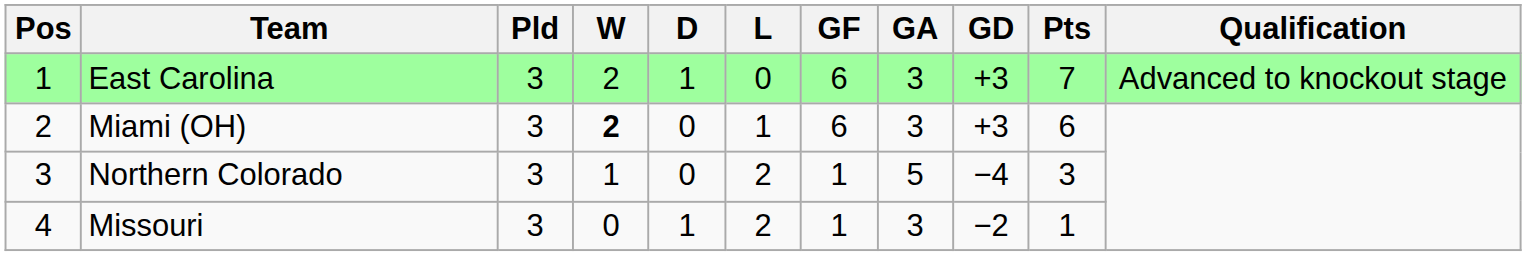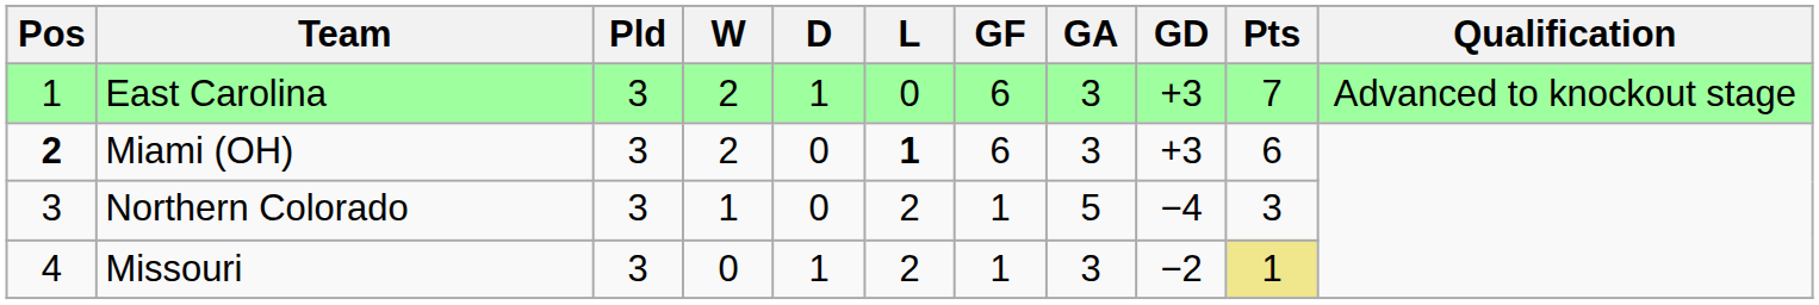 <table class="wikitable" style="text-align:center; margin: 1em auto">
 <tr>
 <th style=width:2em>Pos</th>
 <th style=width:13em>Team</th>
 <th style=width:2em>Pld</th>
 <th style=width:2em>W</th>
 <th style=width:2em>D</th>
 <th style=width:2em>L</th>
 <th style=width:2em>GF</th>
 <th style=width:2em>GA</th>
 <th style=width:2em>GD</th>
 <th style=width:2em>Pts</th>
 <th style=width:13em>Qualification</th>
 </tr>
 <tr bgcolor="#9eff9e">
 <td>1</td>
 <td style="text-align:left">East Carolina</td>
 <td>3</td>
 <td>2</td>
 <td>1</td>
 <td>0</td>
 <td>6</td>
 <td>3</td>
 <td>+3</td>
 <td>7</td>
 <td>Advanced to knockout stage</td>
 </tr>
 <tr>
-<td>2</td>
+<td><strong>2</strong></td>
 <td style="text-align:left">Miami (OH)</td>
 <td>3</td>
-<td><strong>2</strong></td>
+<td>2</td>
 <td>0</td>
-<td>1</td>
+<td><strong>1</strong></td>
 <td>6</td>
 <td>3</td>
 <td>+3</td>
 <td>6</td>
 </tr>
 <tr>
 <td>3</td>
 <td style="text-align:left">Northern Colorado</td>
 <td>3</td>
 <td>1</td>
 <td>0</td>
 <td>2</td>
 <td>1</td>
 <td>5</td>
 <td>−4</td>
 <td>3</td>
 </tr>
 <tr>
 <td>4</td>
 <td style="text-align:left">Missouri</td>
 <td>3</td>
 <td>0</td>
 <td>1</td>
 <td>2</td>
 <td>1</td>
 <td>3</td>
 <td>−2</td>
-<td>1</td>
+<td style="background: khaki;">1</td>
 </tr>
 </table>
